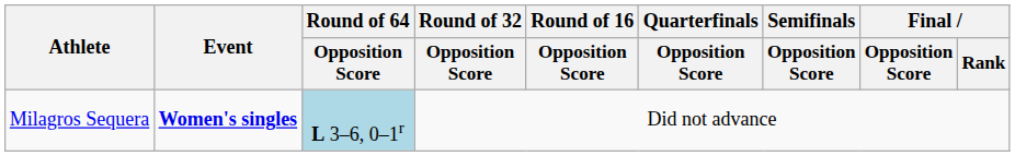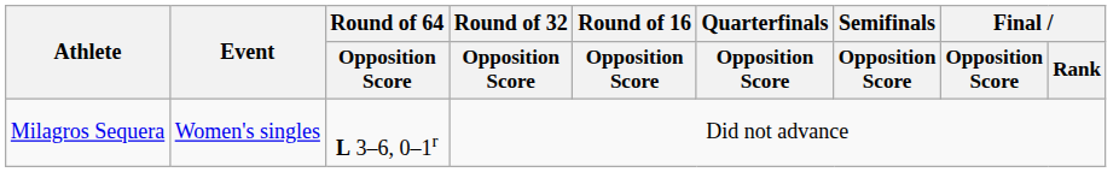 <table class=wikitable style="font-size:90%">
 <tr>
 <th rowspan="2">Athlete</th>
 <th rowspan="2">Event</th>
 <th>Round of 64</th>
 <th>Round of 32</th>
 <th>Round of 16</th>
 <th>Quarterfinals</th>
 <th>Semifinals</th>
 <th colspan=2>Final / </th>
 </tr>
 <tr style="font-size:95%">
 <th>Opposition<br>Score</th>
 <th>Opposition<br>Score</th>
 <th>Opposition<br>Score</th>
 <th>Opposition<br>Score</th>
 <th>Opposition<br>Score</th>
 <th>Opposition<br>Score</th>
 <th>Rank</th>
 </tr>
 <tr align=center>
 <td align=left><a href='#'>Milagros Sequera</a></td>
-<td align=left><strong><a href='#'>Women's singles</a></strong></td>
-<td style="background: lightblue;"><br><strong>L</strong> 3–6, 0–1<sup>r</sup></td>
+<td align=left><a href='#'>Women's singles</a></td>
+<td><br><strong>L</strong> 3–6, 0–1<sup>r</sup></td>
 <td colspan=6>Did not advance</td>
 </tr>
 </table>
